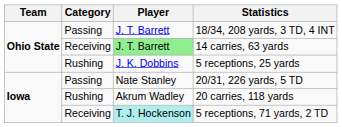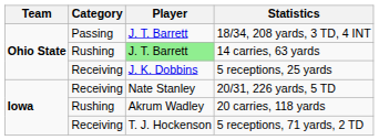 <table class="wikitable" style="float: left;">
 <tr>
 <th>Team</th>
 <th>Category</th>
 <th>Player</th>
 <th>Statistics</th>
 </tr>
 <tr>
 <td rowspan=3><strong>Ohio State</strong></td>
 <td>Passing</td>
 <td><a href='#'>J. T. Barrett</a></td>
 <td>18/34, 208 yards, 3 TD, 4 INT</td>
 </tr>
 <tr>
-<td>Receiving</td>
+<td>Rushing</td>
 <td style="background: lightgreen;">J. T. Barrett</td>
 <td>14 carries, 63 yards</td>
 </tr>
 <tr>
-<td>Rushing</td>
+<td>Receiving</td>
 <td><a href='#'>J. K. Dobbins</a></td>
 <td>5 receptions, 25 yards</td>
 </tr>
 <tr>
 <td rowspan=3><strong>Iowa</strong></td>
-<td>Passing</td>
+<td>Receiving</td>
 <td>Nate Stanley</td>
 <td>20/31, 226 yards, 5 TD</td>
 </tr>
 <tr>
 <td>Rushing</td>
 <td>Akrum Wadley</td>
 <td>20 carries, 118 yards</td>
 </tr>
 <tr>
 <td>Receiving</td>
-<td style="background: paleturquoise;">T. J. Hockenson</td>
+<td>T. J. Hockenson</td>
 <td>5 receptions, 71 yards, 2 TD</td>
 </tr>
 </table>
